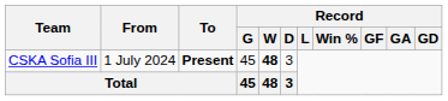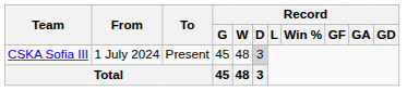 <table class="wikitable" style="text-align: center">
 <tr>
 <th rowspan=2>Team</th>
 <th rowspan=2>From</th>
 <th rowspan=2>To</th>
 <th colspan=8>Record</th>
 </tr>
 <tr>
 <th>G</th>
 <th>W</th>
 <th>D</th>
 <th>L</th>
 <th>Win %</th>
 <th>GF</th>
 <th>GA</th>
 <th>GD</th>
 </tr>
 <tr>
 <td align=left><a href='#'>CSKA Sofia III</a></td>
 <td align=left>1 July 2024</td>
-<td align=left><strong>Present<br></strong></td>
+<td align=left>Present<br></td>
 <td align=centre>45</td>
-<td align=centre><strong>48</strong></td>
-<td align=centre>3</td>
+<td align=centre>48</td>
+<td align=centre style="background: lightgrey;">3</td>
 </tr>
 <tr>
 <th colspan=3>Total<br></th>
 <th align=centre>45</th>
 <th align=centre>48</th>
 <th align=centre>3</th>
 </tr>
 </table>
